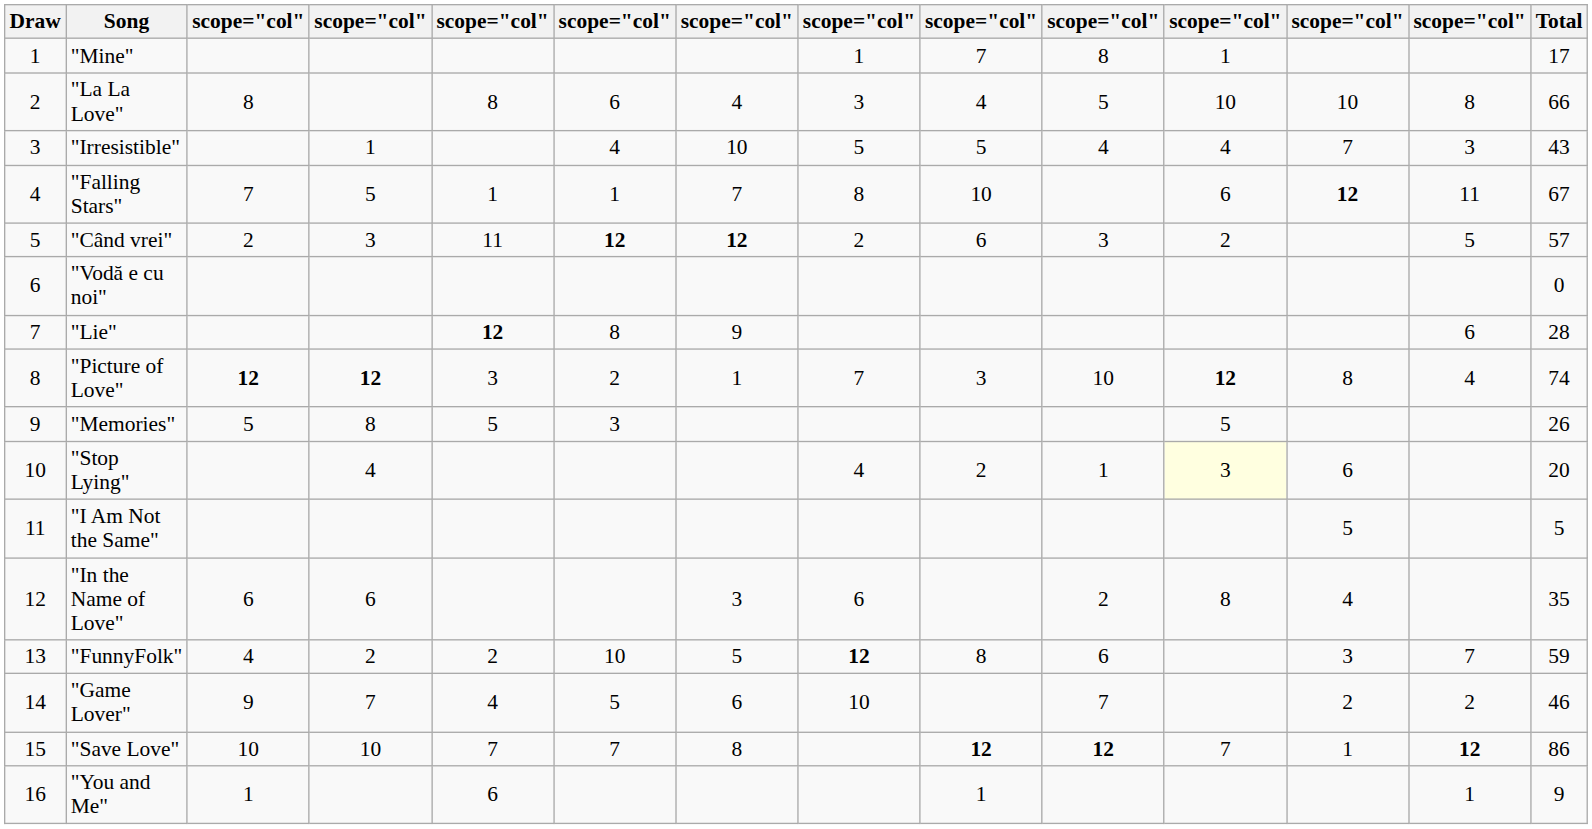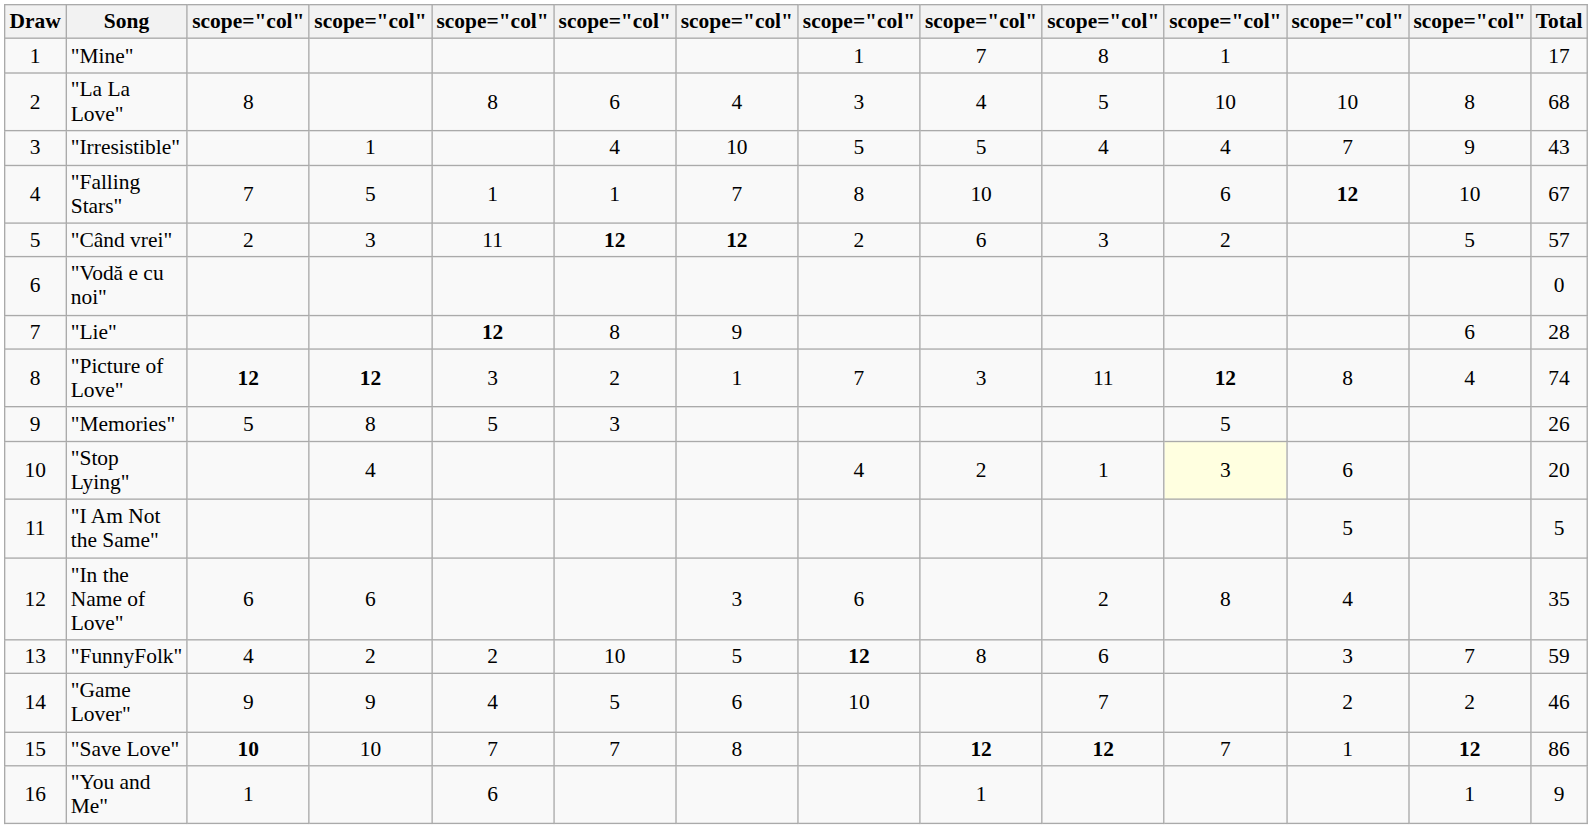 <table class="wikitable collapsible" style="margin: 1em auto 1em auto; text-align:center;">
 <tr>
 <th>Draw</th>
 <th>Song</th>
 <th>scope="col" </th>
 <th>scope="col" </th>
 <th>scope="col" </th>
 <th>scope="col" </th>
 <th>scope="col" </th>
 <th>scope="col" </th>
 <th>scope="col" </th>
 <th>scope="col" </th>
 <th>scope="col" </th>
 <th>scope="col" </th>
 <th>scope="col" </th>
 <th>Total</th>
 </tr>
 <tr>
 <td>1</td>
 <td align="left">"Mine"</td>
 <td></td>
 <td></td>
 <td></td>
 <td></td>
 <td></td>
 <td>1</td>
 <td>7</td>
 <td>8</td>
 <td>1</td>
 <td></td>
 <td></td>
 <td>17</td>
 </tr>
 <tr>
 <td>2</td>
 <td align="left">"La La Love"</td>
 <td>8</td>
 <td></td>
 <td>8</td>
 <td>6</td>
 <td>4</td>
 <td>3</td>
 <td>4</td>
 <td>5</td>
 <td>10</td>
 <td>10</td>
 <td>8</td>
-<td>66</td>
+<td>68</td>
 </tr>
 <tr>
 <td>3</td>
 <td align="left">"Irresistible"</td>
 <td></td>
 <td>1</td>
 <td></td>
 <td>4</td>
 <td>10</td>
 <td>5</td>
 <td>5</td>
 <td>4</td>
 <td>4</td>
 <td>7</td>
-<td>3</td>
+<td>9</td>
 <td>43</td>
 </tr>
 <tr>
 <td>4</td>
 <td align="left">"Falling Stars"</td>
 <td>7</td>
 <td>5</td>
 <td>1</td>
 <td>1</td>
 <td>7</td>
 <td>8</td>
 <td>10</td>
 <td></td>
 <td>6</td>
 <td><strong>12</strong></td>
-<td>11</td>
+<td>10</td>
 <td>67</td>
 </tr>
 <tr>
 <td>5</td>
 <td align="left">"Când vrei"</td>
 <td>2</td>
 <td>3</td>
 <td>11</td>
 <td><strong>12</strong></td>
 <td><strong>12</strong></td>
 <td>2</td>
 <td>6</td>
 <td>3</td>
 <td>2</td>
 <td></td>
 <td>5</td>
 <td>57</td>
 </tr>
 <tr>
 <td>6</td>
 <td align="left">"Vodă e cu noi"</td>
 <td></td>
 <td></td>
 <td></td>
 <td></td>
 <td></td>
 <td></td>
 <td></td>
 <td></td>
 <td></td>
 <td></td>
 <td></td>
 <td>0</td>
 </tr>
 <tr>
 <td>7</td>
 <td align="left">"Lie"</td>
 <td></td>
 <td></td>
 <td><strong>12</strong></td>
 <td>8</td>
 <td>9</td>
 <td></td>
 <td></td>
 <td></td>
 <td></td>
 <td></td>
 <td>6</td>
 <td>28</td>
 </tr>
 <tr>
 <td>8</td>
 <td align="left">"Picture of Love"</td>
 <td><strong>12</strong></td>
 <td><strong>12</strong></td>
 <td>3</td>
 <td>2</td>
 <td>1</td>
 <td>7</td>
 <td>3</td>
-<td>10</td>
+<td>11</td>
 <td><strong>12</strong></td>
 <td>8</td>
 <td>4</td>
 <td>74</td>
 </tr>
 <tr>
 <td>9</td>
 <td align="left">"Memories"</td>
 <td>5</td>
 <td>8</td>
 <td>5</td>
 <td>3</td>
 <td></td>
 <td></td>
 <td></td>
 <td></td>
 <td>5</td>
 <td></td>
 <td></td>
 <td>26</td>
 </tr>
 <tr>
 <td>10</td>
 <td align="left">"Stop Lying"</td>
 <td></td>
 <td>4</td>
 <td></td>
 <td></td>
 <td></td>
 <td>4</td>
 <td>2</td>
 <td>1</td>
 <td style="background: lightyellow;">3</td>
 <td>6</td>
 <td></td>
 <td>20</td>
 </tr>
 <tr>
 <td>11</td>
 <td align="left">"I Am Not the Same"</td>
 <td></td>
 <td></td>
 <td></td>
 <td></td>
 <td></td>
 <td></td>
 <td></td>
 <td></td>
 <td></td>
 <td>5</td>
 <td></td>
 <td>5</td>
 </tr>
 <tr>
 <td>12</td>
 <td align="left">"In the Name of Love"</td>
 <td>6</td>
 <td>6</td>
 <td></td>
 <td></td>
 <td>3</td>
 <td>6</td>
 <td></td>
 <td>2</td>
 <td>8</td>
 <td>4</td>
 <td></td>
 <td>35</td>
 </tr>
 <tr>
 <td>13</td>
 <td align="left">"FunnyFolk"</td>
 <td>4</td>
 <td>2</td>
 <td>2</td>
 <td>10</td>
 <td>5</td>
 <td><strong>12</strong></td>
 <td>8</td>
 <td>6</td>
 <td></td>
 <td>3</td>
 <td>7</td>
 <td>59</td>
 </tr>
 <tr>
 <td>14</td>
 <td align="left">"Game Lover"</td>
 <td>9</td>
-<td>7</td>
+<td>9</td>
 <td>4</td>
 <td>5</td>
 <td>6</td>
 <td>10</td>
 <td></td>
 <td>7</td>
 <td></td>
 <td>2</td>
 <td>2</td>
 <td>46</td>
 </tr>
 <tr>
 <td>15</td>
 <td align="left">"Save Love"</td>
-<td>10</td>
+<td><strong>10</strong></td>
 <td>10</td>
 <td>7</td>
 <td>7</td>
 <td>8</td>
 <td></td>
 <td><strong>12</strong></td>
 <td><strong>12</strong></td>
 <td>7</td>
 <td>1</td>
 <td><strong>12</strong></td>
 <td>86</td>
 </tr>
 <tr>
 <td>16</td>
 <td align="left">"You and Me"</td>
 <td>1</td>
 <td></td>
 <td>6</td>
 <td></td>
 <td></td>
 <td></td>
 <td>1</td>
 <td></td>
 <td></td>
 <td></td>
 <td>1</td>
 <td>9</td>
 </tr>
 </table>
